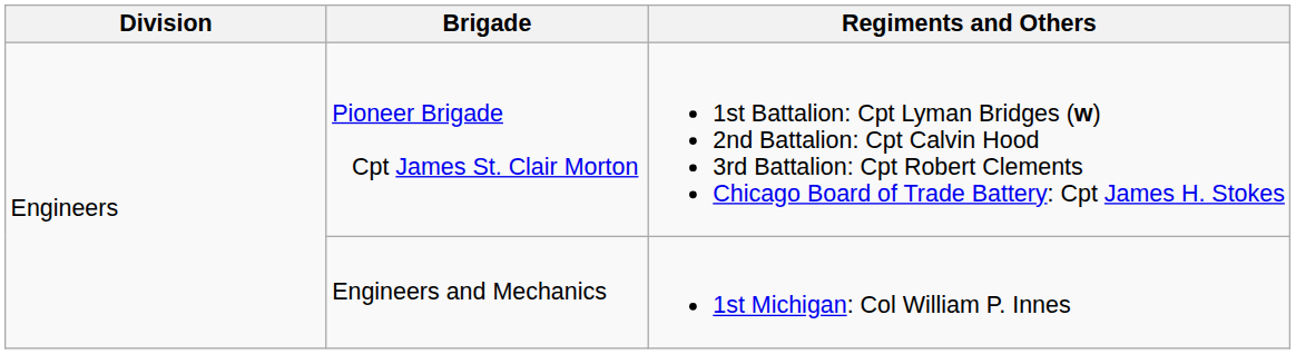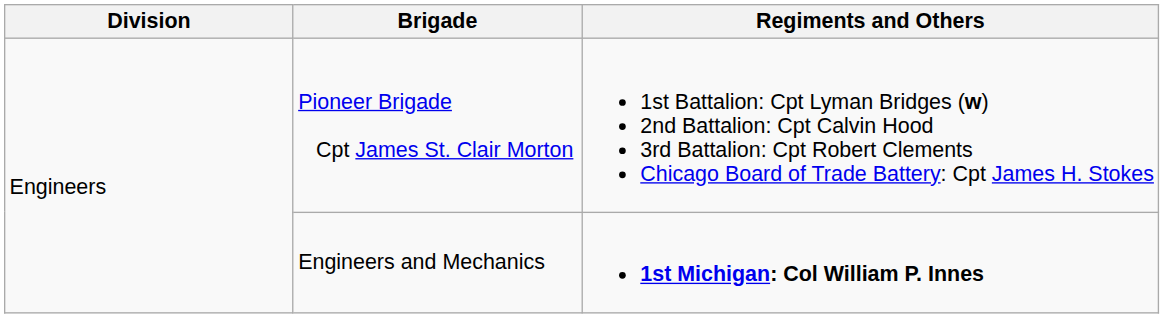 <table class="wikitable">
 <tr>
 <th width=25%>Division</th>
 <th width=25%>Brigade</th>
 <th>Regiments and Others</th>
 </tr>
 <tr>
 <td rowspan=2><br>Engineers</td>
 <td><a href='#'>Pioneer Brigade</a><br><br>   Cpt <a href='#'>James St. Clair Morton</a></td>
 <td><br><ul><li>1st Battalion: Cpt Lyman Bridges (<strong>w</strong>)</li><li>2nd Battalion: Cpt Calvin Hood</li><li>3rd Battalion: Cpt Robert Clements</li><li><a href='#'>Chicago Board of Trade Battery</a>: Cpt <a href='#'>James H. Stokes</a></li></ul></td>
 </tr>
 <tr>
 <td>Engineers and Mechanics</td>
-<td><br><ul><li><a href='#'>1st Michigan</a>: Col William P. Innes</li></ul></td>
+<td><strong><br><ul><li><a href='#'>1st Michigan</a>: Col William P. Innes</li></ul></strong></td>
 </tr>
 </table>
